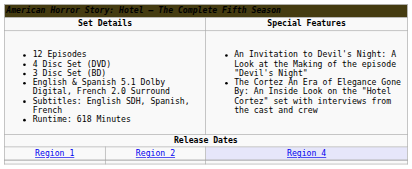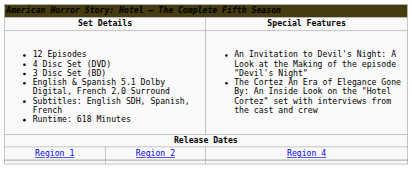 <table class="wikitable" style="font-size: 95%;">
 <tr style="background:#453C11;">
 <td colspan="3"><span> <strong><em>American Horror Story: Hotel – The Complete Fifth Season</em></strong></span></td>
 </tr>
 <tr style="vertical-align:top; text-align:center;">
 <td style="width:400px;" colspan="2"><strong>Set Details</strong></td>
 <td style="width:400px; " colspan="2"><strong>Special Features</strong></td>
 </tr>
 <tr valign="top">
 <td colspan="2"  style="text-align:left; width:400px;"><br><ul><li>12 Episodes</li><li>4 Disc Set (DVD)</li><li>3 Disc Set (BD)</li><li>English & Spanish 5.1 Dolby Digital, French 2.0 Surround</li><li>Subtitles: English SDH, Spanish, French</li><li>Runtime: 618 Minutes</li></ul></td>
 <td colspan="3"  style="text-align:left; width:400px;"><br><ul><li>An Invitation to Devil's Night: A Look at the Making of the episode "Devil's Night"</li><li>The Cortez An Era of Elegance Gone By: An Inside Look on the "Hotel Cortez" set with interviews from the cast and crew</li></ul></td>
 </tr>
 <tr>
 <td colspan="3" style="text-align:center;"><strong>Release Dates</strong></td>
 </tr>
 <tr>
 <td style="text-align:center;"><a href='#'>Region 1</a></td>
 <td style="text-align:center;"><a href='#'>Region 2</a></td>
-<td style="background: lavender; text-align:center;"><a href='#'>Region 4</a></td>
+<td style="text-align:center;"><a href='#'>Region 4</a></td>
 </tr>
 <tr style="text-align:center;">
 </tr>
 <tr style="text-align:center;">
 </tr>
 <tr>
 <td colspan="1"></td>
 <td colspan="1"></td>
 <td colspan="1"></td>
 </tr>
 </table>
